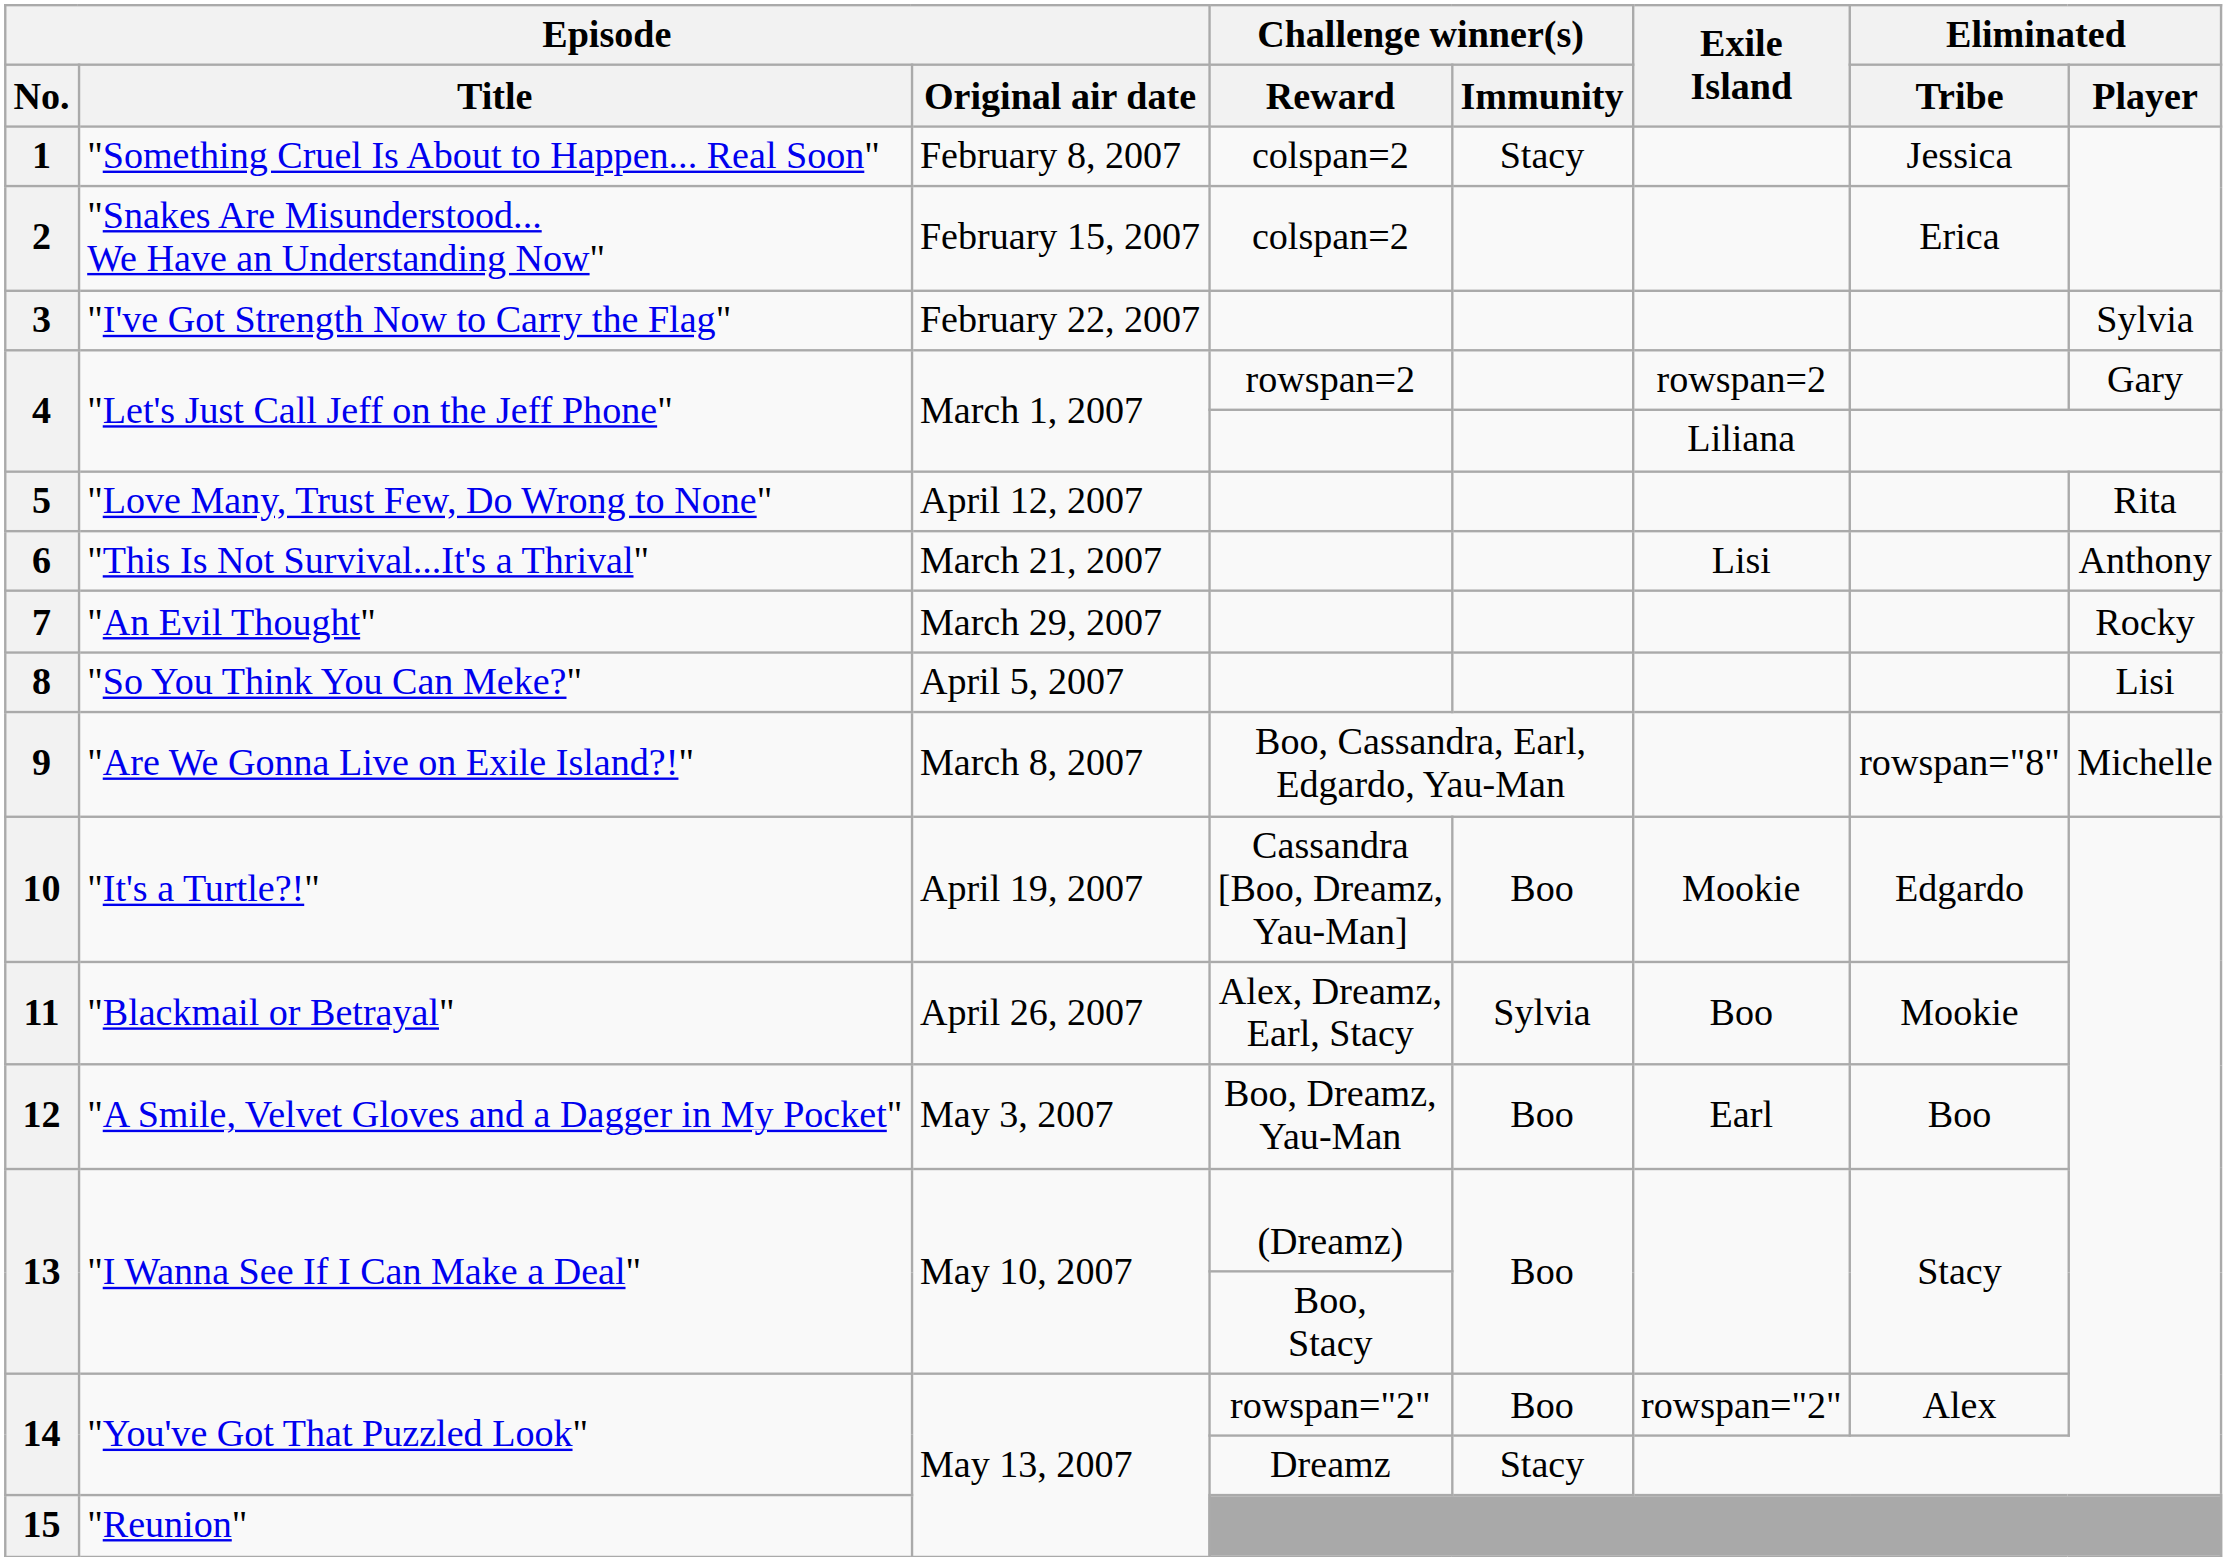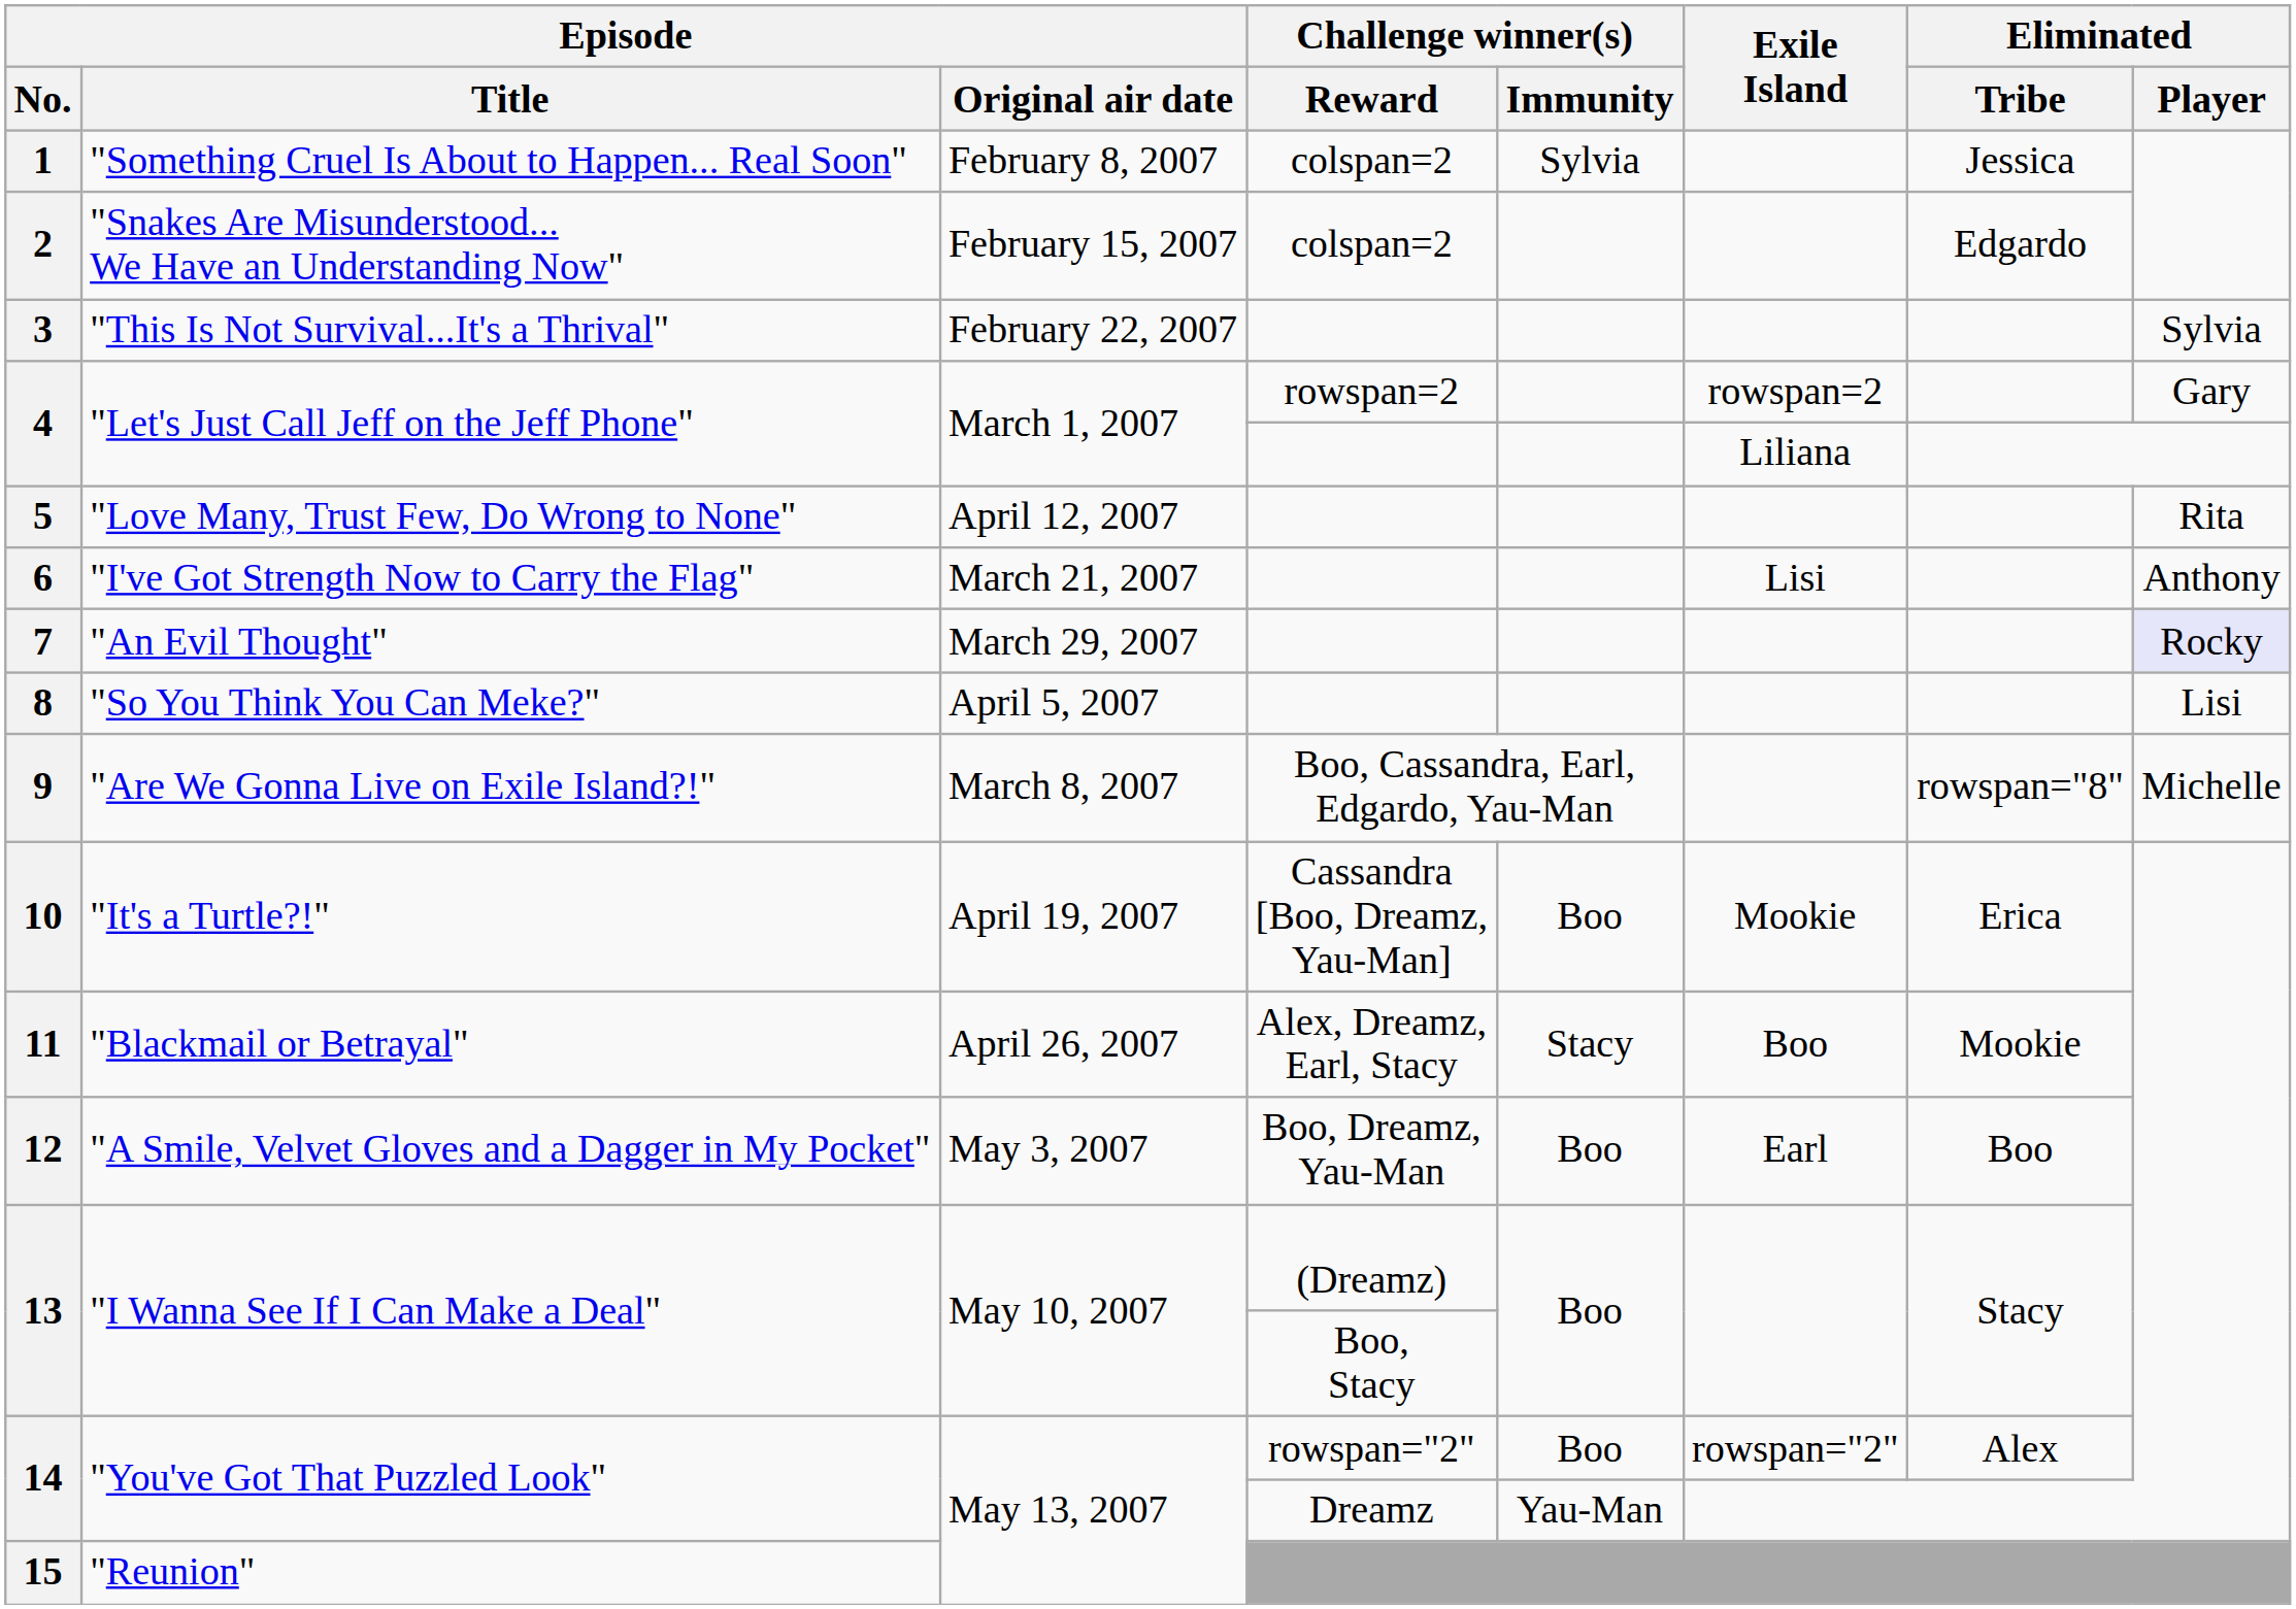 <table class="wikitable nowrap" style="margin:auto; text-align:center">
 <tr>
 <th scope="col" colspan="3">Episode</th>
 <th scope="col" colspan="2">Challenge winner(s)</th>
 <th scope="col" rowspan="2">Exile<br>Island</th>
 <th colspan="2">Eliminated</th>
 </tr>
 <tr>
 <th scope="col">No.</th>
 <th scope="col">Title</th>
 <th scope="col">Original air date</th>
 <th scope="col">Reward</th>
 <th scope="col">Immunity</th>
 <th scope="col">Tribe</th>
 <th scope="col">Player</th>
 </tr>
 <tr>
 <th>1</th>
 <td style="text-align:left;">"<a href='#'>Something Cruel Is About to Happen... Real Soon</a>"</td>
 <td style="text-align:left;">February 8, 2007</td>
 <td>colspan=2 </td>
-<td>Stacy</td>
+<td>Sylvia</td>
 <td></td>
 <td>Jessica</td>
 </tr>
 <tr>
 <th>2</th>
 <td style="text-align:left;">"<a href='#'>Snakes Are Misunderstood...<br>We Have an Understanding Now</a>"</td>
 <td style="text-align:left;">February 15, 2007</td>
 <td>colspan=2 </td>
 <td></td>
 <td></td>
-<td>Erica</td>
+<td>Edgardo</td>
 </tr>
 <tr>
 <th>3</th>
-<td style="text-align:left;">"<a href='#'>I've Got Strength Now to Carry the Flag</a>"</td>
+<td style="text-align:left;">"<a href='#'>This Is Not Survival...It's a Thrival</a>"</td>
 <td style="text-align:left;">February 22, 2007</td>
 <td></td>
 <td></td>
 <td></td>
 <td></td>
 <td>Sylvia</td>
 </tr>
 <tr>
 <th rowspan="2">4</th>
 <td style="text-align:left;" rowspan="2">"<a href='#'>Let's Just Call Jeff on the Jeff Phone</a>"</td>
 <td style="text-align:left;" rowspan="2">March 1, 2007</td>
 <td>rowspan=2 </td>
 <td></td>
 <td>rowspan=2 </td>
 <td></td>
 <td>Gary</td>
 </tr>
 <tr>
 <td></td>
 <td></td>
 <td>Liliana</td>
 </tr>
 <tr>
 <th>5</th>
 <td style="text-align:left;">"<a href='#'>Love Many, Trust Few, Do Wrong to None</a>"</td>
 <td style="text-align:left;">April 12, 2007</td>
 <td></td>
 <td></td>
 <td></td>
 <td></td>
 <td>Rita</td>
 </tr>
 <tr>
 <th>6</th>
-<td style="text-align:left;">"<a href='#'>This Is Not Survival...It's a Thrival</a>"</td>
+<td style="text-align:left;">"<a href='#'>I've Got Strength Now to Carry the Flag</a>"</td>
 <td style="text-align:left;">March 21, 2007</td>
 <td></td>
 <td></td>
 <td>Lisi</td>
 <td></td>
 <td>Anthony</td>
 </tr>
 <tr>
 <th>7</th>
 <td style="text-align:left;">"<a href='#'>An Evil Thought</a>"</td>
 <td style="text-align:left;">March 29, 2007</td>
 <td></td>
 <td></td>
 <td></td>
 <td></td>
-<td>Rocky</td>
+<td style="background: lavender;">Rocky</td>
 </tr>
 <tr>
 <th>8</th>
 <td style="text-align:left;">"<a href='#'>So You Think You Can Meke?</a>"</td>
 <td style="text-align:left;">April 5, 2007</td>
 <td></td>
 <td></td>
 <td></td>
 <td></td>
 <td>Lisi</td>
 </tr>
 <tr>
 <th>9</th>
 <td style="text-align:left;">"<a href='#'>Are We Gonna Live on Exile Island?!</a>"</td>
 <td style="text-align:left;">March 8, 2007</td>
 <td colspan=2>Boo, Cassandra, Earl,<br>Edgardo, Yau-Man</td>
 <td></td>
 <td>rowspan="8" </td>
 <td>Michelle</td>
 </tr>
 <tr>
 <th>10</th>
 <td style="text-align:left;">"<a href='#'>It's a Turtle?!</a>"</td>
 <td style="text-align:left;">April 19, 2007</td>
 <td>Cassandra<br>[Boo, Dreamz,<br>Yau-Man]</td>
 <td>Boo</td>
 <td>Mookie</td>
-<td>Edgardo</td>
+<td>Erica</td>
 </tr>
 <tr>
 <th>11</th>
 <td style="text-align:left;">"<a href='#'>Blackmail or Betrayal</a>"</td>
 <td style="text-align:left;">April 26, 2007</td>
 <td>Alex, Dreamz,<br>Earl, Stacy</td>
-<td>Sylvia</td>
+<td>Stacy</td>
 <td>Boo</td>
 <td>Mookie</td>
 </tr>
 <tr>
 <th>12</th>
 <td style="text-align:left;">"<a href='#'>A Smile, Velvet Gloves and a Dagger in My Pocket</a>"</td>
 <td style="text-align:left;">May 3, 2007</td>
 <td>Boo, Dreamz,<br>Yau-Man</td>
 <td>Boo</td>
 <td>Earl</td>
 <td>Boo</td>
 </tr>
 <tr>
 <th rowspan="2">13</th>
 <td rowspan="2" style="text-align:left;">"<a href='#'>I Wanna See If I Can Make a Deal</a>"</td>
 <td rowspan="2" style="text-align:left;">May 10, 2007</td>
 <td><s></s><br>(Dreamz)</td>
 <td rowspan="2">Boo</td>
 <td rowspan="2"></td>
 <td rowspan="2">Stacy</td>
 </tr>
 <tr>
 <td>Boo,<br>Stacy</td>
 </tr>
 <tr>
 <th rowspan="2">14</th>
 <td style="text-align:left;" rowspan="2">"<a href='#'>You've Got That Puzzled Look</a>"</td>
 <td rowspan="3" style="text-align:left;">May 13, 2007</td>
 <td>rowspan="2" </td>
 <td>Boo</td>
 <td>rowspan="2" </td>
 <td>Alex</td>
 </tr>
 <tr>
 <td>Dreamz</td>
-<td>Stacy</td>
+<td>Yau-Man</td>
 </tr>
 <tr>
 <th>15</th>
 <td style="text-align:left;">"<a href='#'>Reunion</a>"</td>
 <td colspan="5" bgcolor="darkgray"></td>
 </tr>
 </table>
